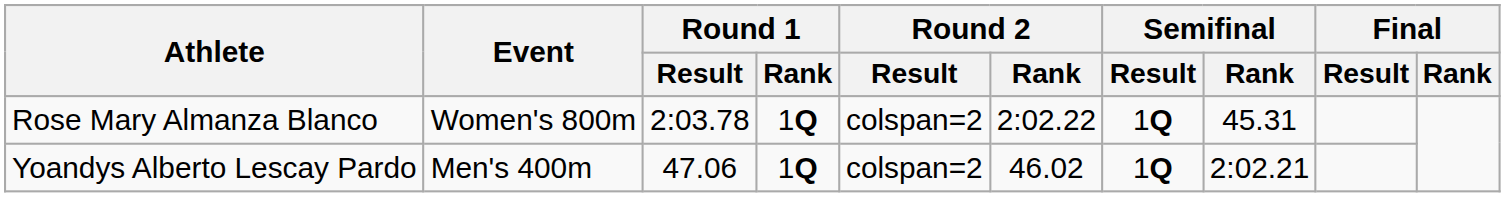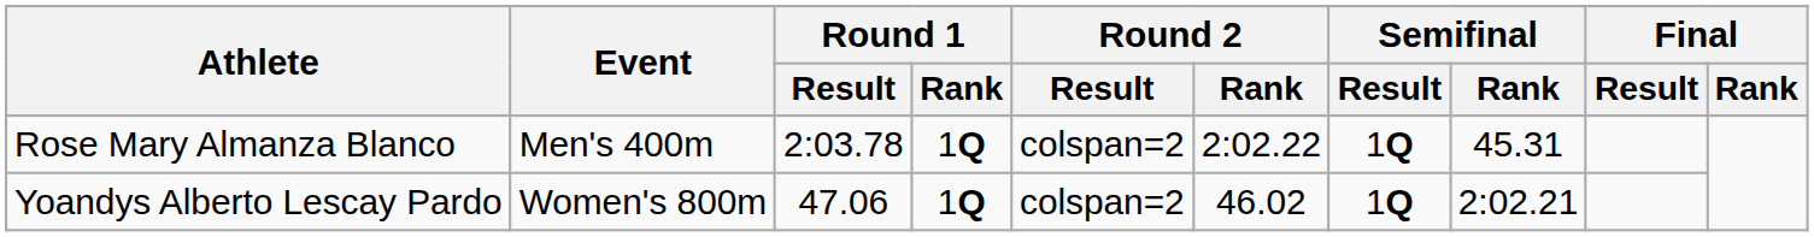 <table class="wikitable" style="font-size:90%">
 <tr>
 <th rowspan="2">Athlete</th>
 <th rowspan="2">Event</th>
 <th colspan="2">Round 1</th>
 <th colspan="2">Round 2</th>
 <th colspan="2">Semifinal</th>
 <th colspan="2">Final</th>
 </tr>
 <tr style="font-size:95%">
 <th>Result</th>
 <th>Rank</th>
 <th>Result</th>
 <th>Rank</th>
 <th>Result</th>
 <th>Rank</th>
 <th>Result</th>
 <th>Rank</th>
 </tr>
 <tr align=center>
 <td align=left>Rose Mary Almanza Blanco</td>
-<td align=left>Women's 800m</td>
+<td align=left>Men's 400m</td>
 <td>2:03.78</td>
 <td>1<strong>Q</strong></td>
 <td>colspan=2 </td>
 <td>2:02.22</td>
 <td>1<strong>Q</strong></td>
 <td>45.31</td>
 <td></td>
 </tr>
 <tr align=center>
 <td align=left>Yoandys Alberto Lescay Pardo</td>
-<td align=left>Men's 400m</td>
+<td align=left>Women's 800m</td>
 <td>47.06</td>
 <td>1<strong>Q</strong></td>
 <td>colspan=2 </td>
 <td>46.02</td>
 <td>1<strong>Q</strong></td>
 <td>2:02.21</td>
 <td></td>
 </tr>
 </table>
